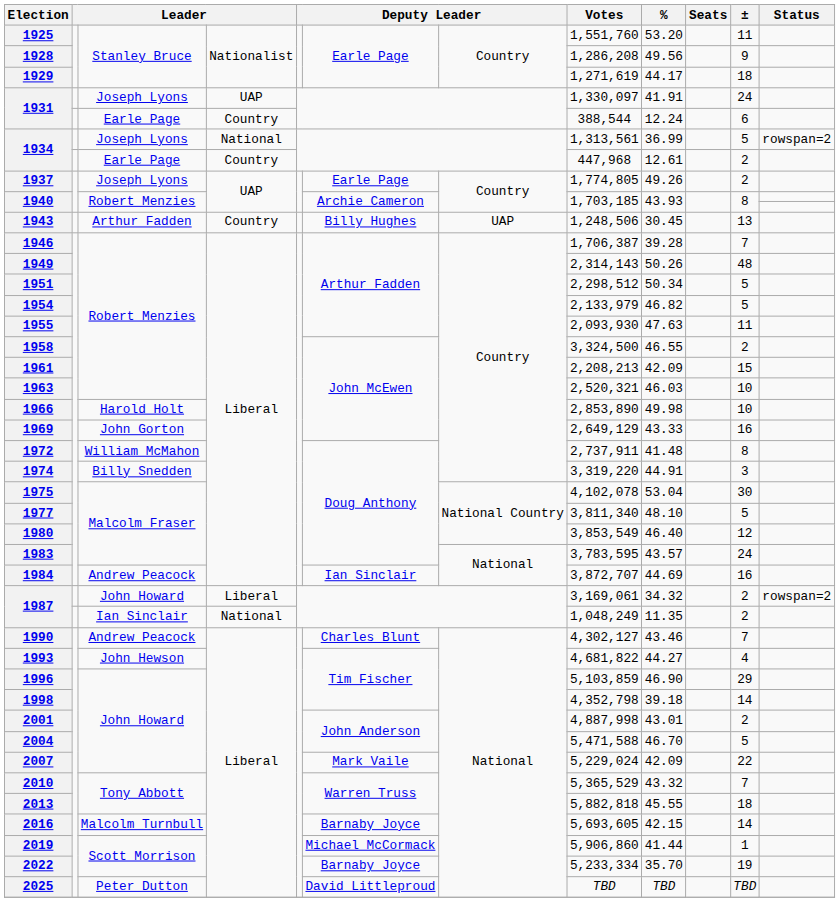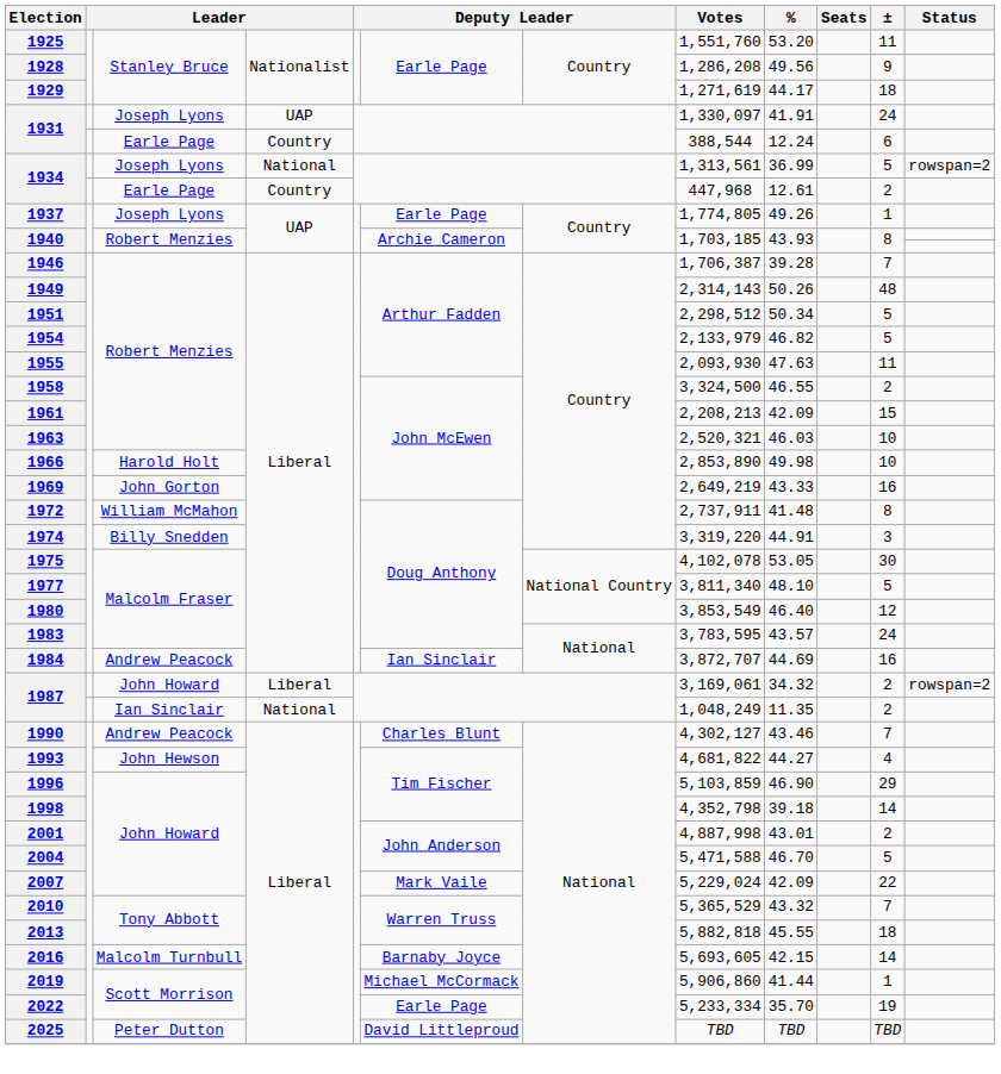 <table class="wikitable" style="text-align:center;">
 <tr>
 <th>Election</th>
 <th colspan=3>Leader</th>
 <th colspan=3>Deputy Leader</th>
 <th>Votes</th>
 <th>%</th>
 <th>Seats</th>
 <th>±</th>
 <th>Status</th>
 </tr>
 <tr>
 <th><a href='#'>1925</a></th>
 <td rowspan=3 style="background-color:"></td>
 <td rowspan=3><a href='#'>Stanley Bruce</a></td>
 <td rowspan=3>Nationalist</td>
 <td rowspan=3 style="background-color:"></td>
 <td rowspan=3><a href='#'>Earle Page</a></td>
 <td rowspan=3>Country</td>
 <td>1,551,760</td>
 <td>53.20</td>
 <td></td>
 <td> 11</td>
 <td></td>
 </tr>
 <tr>
 <th><a href='#'>1928</a></th>
 <td>1,286,208</td>
 <td>49.56</td>
 <td></td>
 <td> 9</td>
 <td></td>
 </tr>
 <tr>
 <th><a href='#'>1929</a></th>
 <td>1,271,619</td>
 <td>44.17</td>
 <td></td>
 <td> 18</td>
 <td></td>
 </tr>
 <tr>
 <th rowspan=2><a href='#'>1931</a></th>
 <td style="background-color:"></td>
 <td><a href='#'>Joseph Lyons</a></td>
 <td>UAP</td>
 <td rowspan=2 colspan=3></td>
 <td>1,330,097</td>
 <td>41.91</td>
 <td></td>
 <td> 24</td>
 <td></td>
 </tr>
 <tr>
 <td style="background-color:"></td>
 <td><a href='#'>Earle Page</a></td>
 <td>Country</td>
 <td>388,544</td>
 <td>12.24</td>
 <td></td>
 <td> 6</td>
 <td></td>
 </tr>
 <tr>
 <th rowspan=2><a href='#'>1934</a></th>
 <td style="background-color:"></td>
 <td><a href='#'>Joseph Lyons</a></td>
 <td>National</td>
 <td rowspan=2 colspan=3></td>
 <td>1,313,561</td>
 <td>36.99</td>
 <td></td>
 <td> 5</td>
 <td>rowspan=2 </td>
 </tr>
 <tr>
 <td style="background-color:"></td>
 <td><a href='#'>Earle Page</a></td>
 <td>Country</td>
 <td>447,968</td>
 <td>12.61</td>
 <td></td>
 <td> 2</td>
 </tr>
 <tr>
 <th><a href='#'>1937</a></th>
 <td rowspan=3 style="background-color:"></td>
 <td><a href='#'>Joseph Lyons</a></td>
 <td rowspan=3>UAP</td>
 <td rowspan=3 style="background-color:"></td>
 <td><a href='#'>Earle Page</a></td>
 <td rowspan=3>Country</td>
 <td>1,774,805</td>
 <td>49.26</td>
 <td></td>
-<td> 2</td>
+<td> 1</td>
 <td></td>
 </tr>
 <tr>
 <th rowspan=2><a href='#'>1940</a></th>
 <td rowspan=2><a href='#'>Robert Menzies</a></td>
 <td rowspan=2><a href='#'>Archie Cameron</a></td>
 <td rowspan=2>1,703,185</td>
 <td rowspan=2>43.93</td>
 <td rowspan=2></td>
 <td rowspan=2> 8</td>
 <td></td>
 </tr>
 <tr>
-<td></td>
-</tr>
-<tr>
-<th><a href='#'>1943</a></th>
-<td style="background-color:"></td>
-<td><a href='#'>Arthur Fadden</a></td>
-<td>Country</td>
-<td style="background-color:"></td>
-<td><a href='#'>Billy Hughes</a></td>
-<td>UAP</td>
-<td>1,248,506</td>
-<td>30.45</td>
-<td></td>
-<td> 13</td>
 <td></td>
 </tr>
 <tr>
 <th><a href='#'>1946</a></th>
 <td rowspan=17 style="background-color:"></td>
 <td rowspan=8><a href='#'>Robert Menzies</a></td>
 <td rowspan=17>Liberal</td>
 <td rowspan=17 style="background-color:"></td>
 <td rowspan=5><a href='#'>Arthur Fadden</a></td>
 <td rowspan=12>Country</td>
 <td>1,706,387</td>
 <td>39.28</td>
 <td></td>
 <td> 7</td>
 <td></td>
 </tr>
 <tr>
 <th><a href='#'>1949</a></th>
 <td>2,314,143</td>
 <td>50.26</td>
 <td></td>
 <td> 48</td>
 <td></td>
 </tr>
 <tr>
 <th><a href='#'>1951</a></th>
 <td>2,298,512</td>
 <td>50.34</td>
 <td></td>
 <td> 5</td>
 <td></td>
 </tr>
 <tr>
 <th><a href='#'>1954</a></th>
 <td>2,133,979</td>
 <td>46.82</td>
 <td></td>
 <td> 5</td>
 <td></td>
 </tr>
 <tr>
 <th><a href='#'>1955</a></th>
 <td>2,093,930</td>
 <td>47.63</td>
 <td></td>
 <td> 11</td>
 <td></td>
 </tr>
 <tr>
 <th><a href='#'>1958</a></th>
 <td rowspan=5><a href='#'>John McEwen</a></td>
 <td>3,324,500</td>
 <td>46.55</td>
 <td></td>
 <td> 2</td>
 <td></td>
 </tr>
 <tr>
 <th><a href='#'>1961</a></th>
 <td>2,208,213</td>
 <td>42.09</td>
 <td></td>
 <td> 15</td>
 <td></td>
 </tr>
 <tr>
 <th><a href='#'>1963</a></th>
 <td>2,520,321</td>
 <td>46.03</td>
 <td></td>
 <td> 10</td>
 <td></td>
 </tr>
 <tr>
 <th><a href='#'>1966</a></th>
 <td><a href='#'>Harold Holt</a></td>
 <td>2,853,890</td>
 <td>49.98</td>
 <td></td>
 <td> 10</td>
 <td></td>
 </tr>
 <tr>
 <th><a href='#'>1969</a></th>
 <td><a href='#'>John Gorton</a></td>
-<td>2,649,129</td>
+<td>2,649,219</td>
 <td>43.33</td>
 <td></td>
 <td> 16</td>
 <td></td>
 </tr>
 <tr>
 <th><a href='#'>1972</a></th>
 <td><a href='#'>William McMahon</a></td>
 <td rowspan=6><a href='#'>Doug Anthony</a></td>
 <td>2,737,911</td>
 <td>41.48</td>
 <td></td>
 <td> 8</td>
 <td></td>
 </tr>
 <tr>
 <th><a href='#'>1974</a></th>
 <td><a href='#'>Billy Snedden</a></td>
 <td>3,319,220</td>
 <td>44.91</td>
 <td></td>
 <td> 3</td>
 <td></td>
 </tr>
 <tr>
 <th><a href='#'>1975</a></th>
 <td rowspan=4><a href='#'>Malcolm Fraser</a></td>
 <td rowspan=3>National Country</td>
 <td>4,102,078</td>
-<td>53.04</td>
+<td>53.05</td>
 <td></td>
 <td> 30</td>
 <td></td>
 </tr>
 <tr>
 <th><a href='#'>1977</a></th>
 <td>3,811,340</td>
 <td>48.10</td>
 <td></td>
 <td> 5</td>
 <td></td>
 </tr>
 <tr>
 <th><a href='#'>1980</a></th>
 <td>3,853,549</td>
 <td>46.40</td>
 <td></td>
 <td> 12</td>
 <td></td>
 </tr>
 <tr>
 <th><a href='#'>1983</a></th>
 <td rowspan=2>National</td>
 <td>3,783,595</td>
 <td>43.57</td>
 <td></td>
 <td> 24</td>
 <td></td>
 </tr>
 <tr>
 <th><a href='#'>1984</a></th>
 <td><a href='#'>Andrew Peacock</a></td>
 <td><a href='#'>Ian Sinclair</a></td>
 <td>3,872,707</td>
 <td>44.69</td>
 <td></td>
 <td> 16</td>
 <td></td>
 </tr>
 <tr>
 <th rowspan=2><a href='#'>1987</a></th>
 <td style="background-color:"></td>
 <td><a href='#'>John Howard</a></td>
 <td>Liberal</td>
 <td rowspan=2 colspan=3></td>
 <td>3,169,061</td>
 <td>34.32</td>
 <td></td>
 <td> 2</td>
 <td>rowspan=2 </td>
 </tr>
 <tr>
 <td style="background-color:"></td>
 <td><a href='#'>Ian Sinclair</a></td>
 <td>National</td>
 <td>1,048,249</td>
 <td>11.35</td>
 <td></td>
 <td> 2</td>
 </tr>
 <tr>
 <th><a href='#'>1990</a></th>
 <td rowspan=13 style="background-color:"></td>
 <td><a href='#'>Andrew Peacock</a></td>
 <td rowspan=13>Liberal</td>
 <td rowspan=13 style="background-color:"></td>
 <td><a href='#'>Charles Blunt</a></td>
 <td rowspan=13>National</td>
 <td>4,302,127</td>
 <td>43.46</td>
 <td></td>
 <td> 7</td>
 <td></td>
 </tr>
 <tr>
 <th><a href='#'>1993</a></th>
 <td><a href='#'>John Hewson</a></td>
 <td rowspan=3><a href='#'>Tim Fischer</a></td>
 <td>4,681,822</td>
 <td>44.27</td>
 <td></td>
 <td> 4</td>
 <td></td>
 </tr>
 <tr>
 <th><a href='#'>1996</a></th>
 <td rowspan=5><a href='#'>John Howard</a></td>
 <td>5,103,859</td>
 <td>46.90</td>
 <td></td>
 <td> 29</td>
 <td></td>
 </tr>
 <tr>
 <th><a href='#'>1998</a></th>
 <td>4,352,798</td>
 <td>39.18</td>
 <td></td>
 <td> 14</td>
 <td></td>
 </tr>
 <tr>
 <th><a href='#'>2001</a></th>
 <td rowspan=2><a href='#'>John Anderson</a></td>
 <td>4,887,998</td>
 <td>43.01</td>
 <td></td>
 <td> 2</td>
 <td></td>
 </tr>
 <tr>
 <th><a href='#'>2004</a></th>
 <td>5,471,588</td>
 <td>46.70</td>
 <td></td>
 <td> 5</td>
 <td></td>
 </tr>
 <tr>
 <th><a href='#'>2007</a></th>
 <td><a href='#'>Mark Vaile</a></td>
 <td>5,229,024</td>
 <td>42.09</td>
 <td></td>
 <td> 22</td>
 <td></td>
 </tr>
 <tr>
 <th><a href='#'>2010</a></th>
 <td rowspan=2><a href='#'>Tony Abbott</a></td>
 <td rowspan=2><a href='#'>Warren Truss</a></td>
 <td>5,365,529</td>
 <td>43.32</td>
 <td></td>
 <td> 7</td>
 <td></td>
 </tr>
 <tr>
 <th><a href='#'>2013</a></th>
 <td>5,882,818</td>
 <td>45.55</td>
 <td></td>
 <td> 18</td>
 <td></td>
 </tr>
 <tr>
 <th><a href='#'>2016</a></th>
 <td><a href='#'>Malcolm Turnbull</a></td>
 <td><a href='#'>Barnaby Joyce</a></td>
 <td>5,693,605</td>
 <td>42.15</td>
 <td></td>
 <td> 14</td>
 <td></td>
 </tr>
 <tr>
 <th><a href='#'>2019</a></th>
 <td rowspan=2><a href='#'>Scott Morrison</a></td>
 <td><a href='#'>Michael McCormack</a></td>
 <td>5,906,860</td>
 <td>41.44</td>
 <td></td>
 <td> 1</td>
 <td></td>
 </tr>
 <tr>
 <th><a href='#'>2022</a></th>
-<td><a href='#'>Barnaby Joyce</a></td>
+<td><a href='#'>Earle Page</a></td>
 <td>5,233,334</td>
 <td>35.70</td>
 <td></td>
 <td> 19</td>
 <td></td>
 </tr>
 <tr>
 <th><a href='#'>2025</a></th>
 <td><a href='#'>Peter Dutton</a></td>
 <td><a href='#'>David Littleproud</a></td>
 <td><em>TBD</em></td>
 <td><em>TBD</em></td>
 <td></td>
 <td><em>TBD</em></td>
 <td></td>
 </tr>
 <tr>
 </tr>
 </table>
